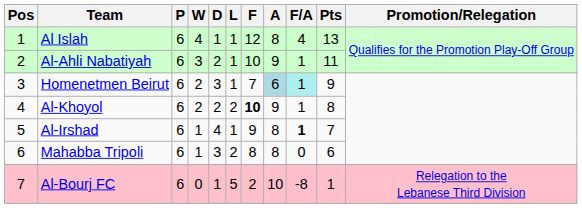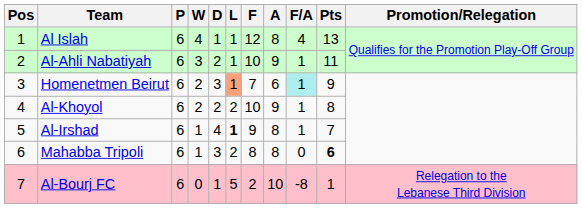 <table class="wikitable" border="1">
 <tr>
 <th>Pos</th>
 <th>Team</th>
 <th align=center>P</th>
 <th align=center>W</th>
 <th align=center>D</th>
 <th align=center>L</th>
 <th>F</th>
 <th>A</th>
 <th>F/A</th>
 <th>Pts</th>
 <th>Promotion/Relegation</th>
 </tr>
 <tr bgcolor=#ccffcc>
 <td align=center>1</td>
 <td><a href='#'>Al Islah</a></td>
 <td align=center>6</td>
 <td align=center>4</td>
 <td align=center>1</td>
 <td align=center>1</td>
 <td align=center>12</td>
 <td align=center>8</td>
 <td align=center>4</td>
 <td align=center>13</td>
 <td rowspan=2 align=center><small> <a href='#'>Qualifies for the Promotion Play-Off Group</a> </small></td>
 </tr>
 <tr bgcolor=#ccffcc>
 <td align=center>2</td>
 <td><a href='#'>Al-Ahli Nabatiyah</a></td>
 <td align=center>6</td>
 <td align=center>3</td>
 <td align=center>2</td>
 <td align=center>1</td>
 <td align=center>10</td>
 <td align=center>9</td>
 <td align=center>1</td>
 <td align=center>11</td>
 </tr>
 <tr>
 <td align=center>3</td>
 <td><a href='#'>Homenetmen Beirut</a></td>
 <td align=center>6</td>
 <td align=center>2</td>
 <td align=center>3</td>
-<td align=center>1</td>
+<td align=center style="background: lightsalmon;">1</td>
 <td align=center>7</td>
-<td align=center style="background: lightblue;">6</td>
+<td align=center>6</td>
 <td align=center style="background: paleturquoise;">1</td>
 <td align=center>9</td>
 <td rowspan=4></td>
 </tr>
 <tr>
 <td align=center>4</td>
 <td><a href='#'>Al-Khoyol</a></td>
 <td align=center>6</td>
 <td align=center>2</td>
 <td align=center>2</td>
 <td align=center>2</td>
-<td align=center><strong>10</strong></td>
+<td align=center>10</td>
 <td align=center>9</td>
 <td align=center>1</td>
 <td align=center>8</td>
 </tr>
 <tr>
 <td align=center>5</td>
 <td><a href='#'>Al-Irshad</a></td>
 <td align=center>6</td>
 <td align=center>1</td>
 <td align=center>4</td>
-<td align=center>1</td>
+<td align=center><strong>1</strong></td>
 <td align=center>9</td>
 <td align=center>8</td>
-<td align=center><strong>1</strong></td>
+<td align=center>1</td>
 <td align=center>7</td>
 </tr>
 <tr>
 <td align=center>6</td>
 <td><a href='#'>Mahabba Tripoli</a></td>
 <td align=center>6</td>
 <td align=center>1</td>
 <td align=center>3</td>
 <td align=center>2</td>
 <td align=center>8</td>
 <td align=center>8</td>
 <td align=center>0</td>
-<td align=center>6</td>
+<td align=center><strong>6</strong></td>
 </tr>
 <tr bgcolor=pink>
 <td align=center>7</td>
 <td><a href='#'>Al-Bourj FC</a></td>
 <td align=center>6</td>
 <td align=center>0</td>
 <td align=center>1</td>
 <td align=center>5</td>
 <td align=center>2</td>
 <td align=center>10</td>
 <td align=center>-8</td>
 <td align=center>1</td>
 <td align=center><small> <a href='#'>Relegation to the <br> Lebanese Third Division</a></small></td>
 </tr>
 </table>
